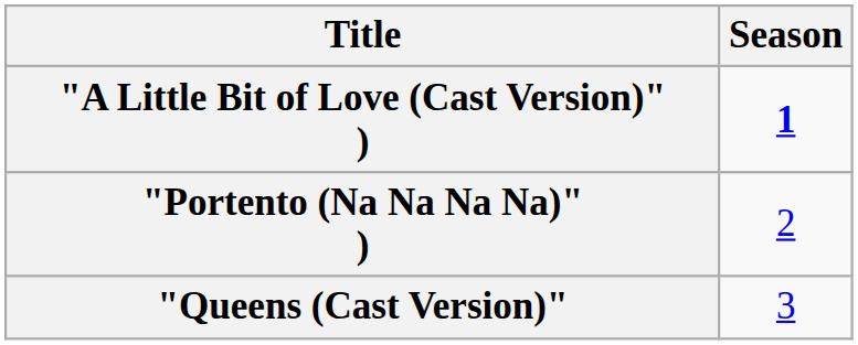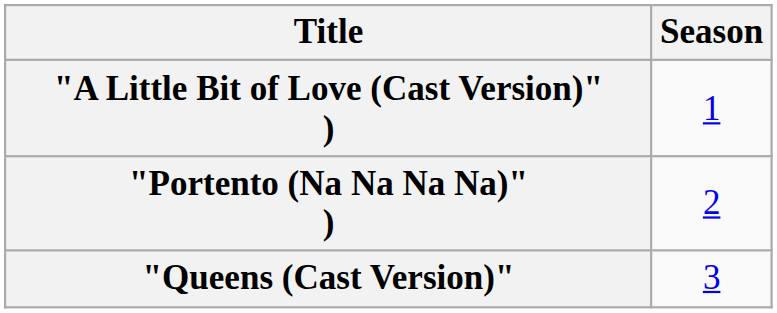 <table class="wikitable plainrowheaders" style="text-align:center;">
 <tr>
 <th scope="col" style="width:18em;">Title</th>
 <th scope="col" style="width:01em;">Season</th>
 </tr>
 <tr>
 <th scope="row">"A Little Bit of Love (Cast Version)"<br>)</th>
-<td><strong><a href='#'>1</a></strong></td>
+<td><a href='#'>1</a></td>
 </tr>
 <tr>
 <th scope="row">"Portento (Na Na Na Na)"<br>)</th>
 <td><a href='#'>2</a></td>
 </tr>
 <tr>
 <th scope="row">"Queens (Cast Version)"<br></th>
 <td><a href='#'>3</a></td>
 </tr>
 </table>
